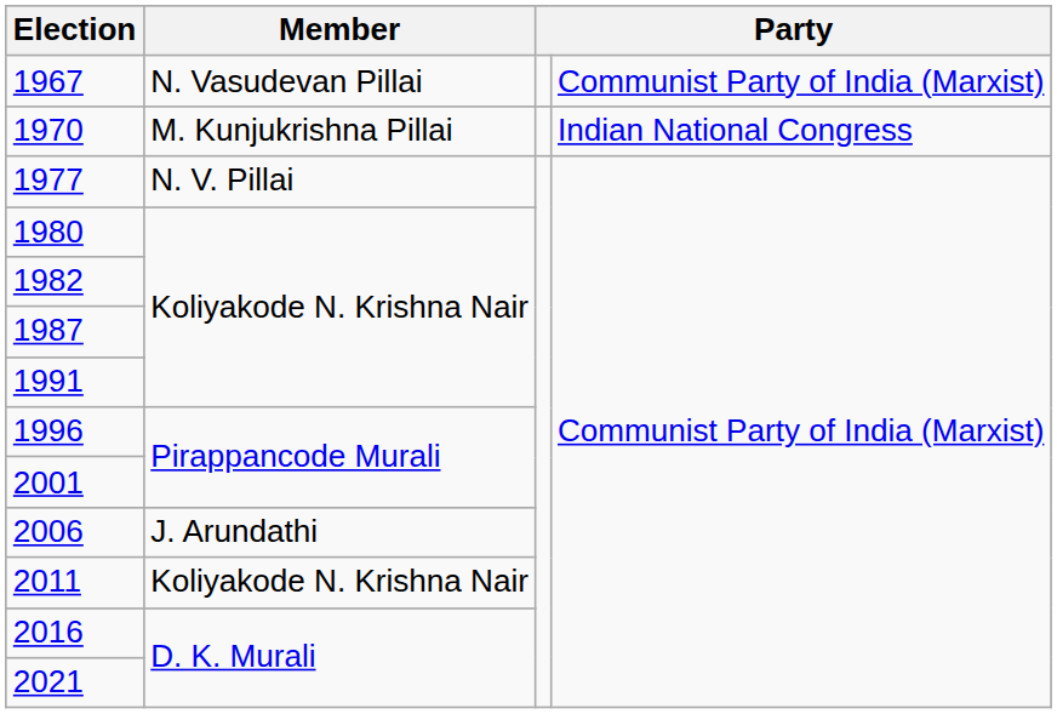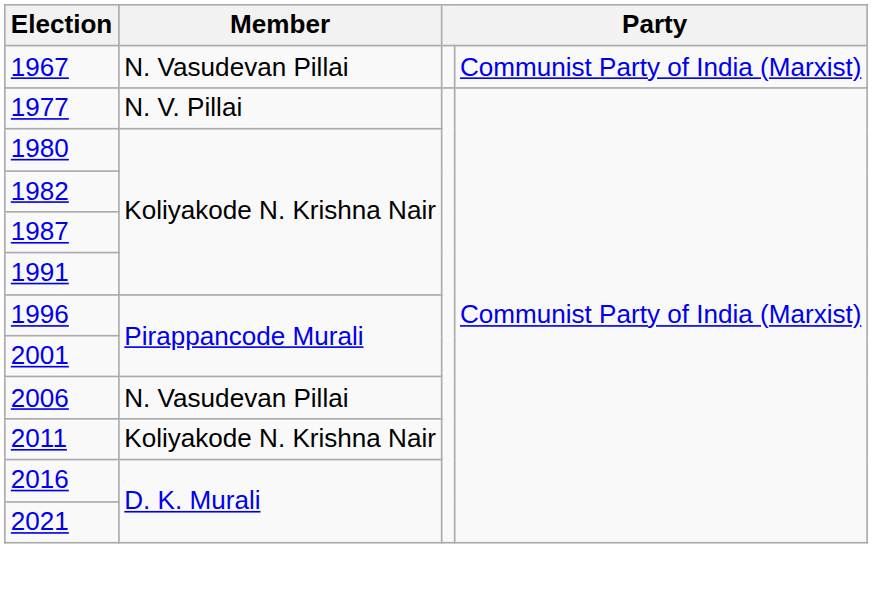 <table class="wikitable sortable">
 <tr>
 <th>Election</th>
 <th>Member</th>
 <th colspan="2">Party</th>
 </tr>
 <tr>
 <td><a href='#'>1967</a></td>
 <td>N. Vasudevan Pillai</td>
 <td style="background-color: "></td>
 <td><a href='#'>Communist Party of India (Marxist)</a></td>
-</tr>
-<tr>
-<td><a href='#'>1970</a></td>
-<td>M. Kunjukrishna Pillai</td>
-<td style="background-color: "></td>
-<td><a href='#'>Indian National Congress</a></td>
 </tr>
 <tr>
 <td><a href='#'>1977</a></td>
 <td>N. V. Pillai</td>
 <td rowspan="11" style="background-color: "></td>
 <td rowspan="11"><a href='#'>Communist Party of India (Marxist)</a></td>
 </tr>
 <tr>
 <td><a href='#'>1980</a></td>
 <td rowspan="4">Koliyakode N. Krishna Nair</td>
 </tr>
 <tr>
 <td><a href='#'>1982</a></td>
 </tr>
 <tr>
 <td><a href='#'>1987</a></td>
 </tr>
 <tr>
 <td><a href='#'>1991</a></td>
 </tr>
 <tr>
 <td><a href='#'>1996</a></td>
 <td rowspan="2"><a href='#'>Pirappancode Murali</a></td>
 </tr>
 <tr>
 <td><a href='#'>2001</a></td>
 </tr>
 <tr>
 <td><a href='#'>2006</a></td>
-<td>J. Arundathi</td>
+<td>N. Vasudevan Pillai</td>
 </tr>
 <tr>
 <td><a href='#'>2011</a></td>
 <td>Koliyakode N. Krishna Nair</td>
 </tr>
 <tr>
 <td><a href='#'>2016</a></td>
 <td rowspan="2"><a href='#'>D. K. Murali</a></td>
 </tr>
 <tr>
 <td><a href='#'>2021</a></td>
 </tr>
 </table>
